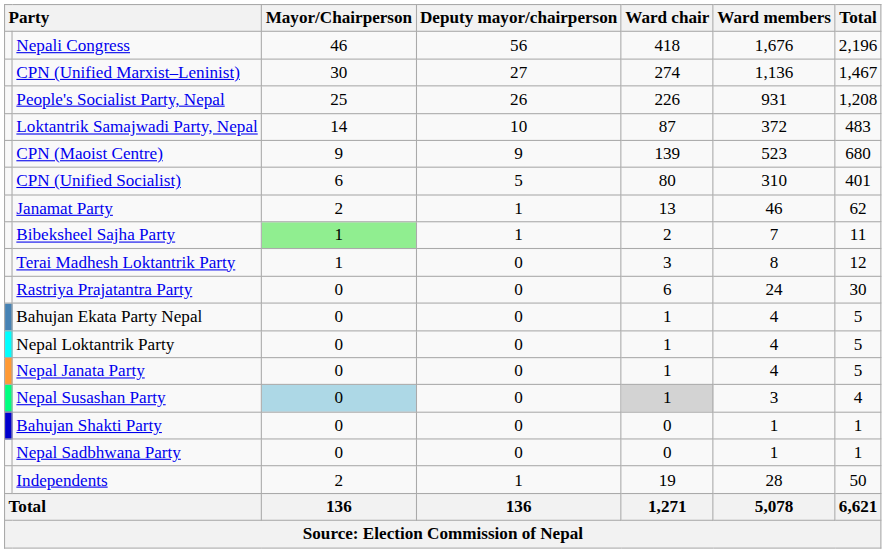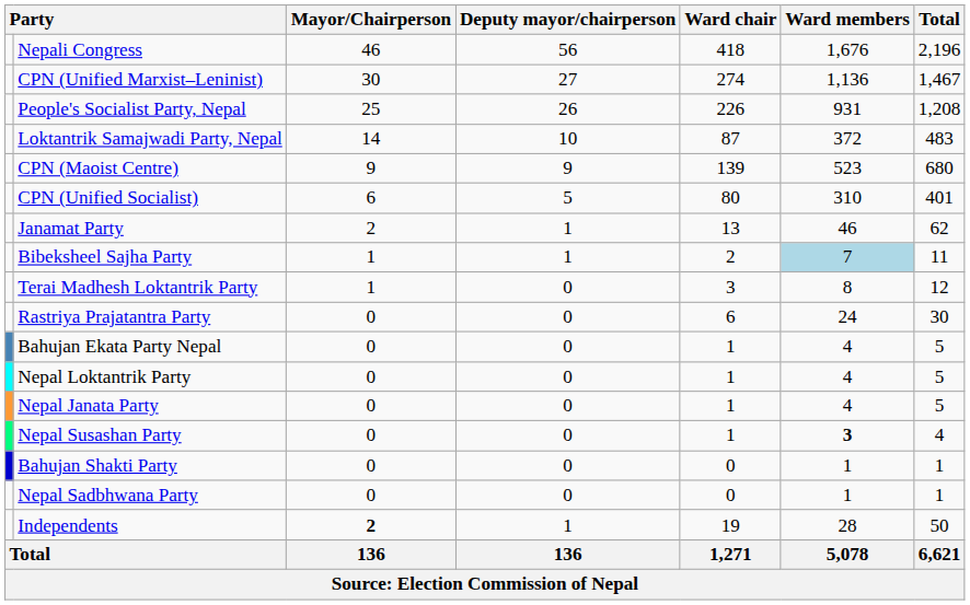 <table class="wikitable sortable" style="text-align:right">
 <tr>
 <th colspan="2" style="text-align:left;">Party</th>
 <th>Mayor/Chairperson</th>
 <th>Deputy mayor/chairperson</th>
 <th>Ward chair</th>
 <th>Ward members</th>
 <th>Total</th>
 </tr>
 <tr>
 <td style="background-color:"></td>
 <td style="text-align:left;"><a href='#'>Nepali Congress</a></td>
 <td style="text-align:center;">46</td>
 <td style="text-align:center;">56</td>
 <td style="text-align:center;">418</td>
 <td style="text-align:center;">1,676</td>
 <td style="text-align:center;">2,196</td>
 </tr>
 <tr>
 <td style="background-color:"></td>
 <td style="text-align:left;"><a href='#'>CPN (Unified Marxist–Leninist)</a></td>
 <td style="text-align:center;">30</td>
 <td style="text-align:center;">27</td>
 <td style="text-align:center;">274</td>
 <td style="text-align:center;">1,136</td>
 <td style="text-align:center;">1,467</td>
 </tr>
 <tr>
 <td></td>
 <td style="text-align:left;"><a href='#'>People's Socialist Party, Nepal</a></td>
 <td style="text-align:center;">25</td>
 <td style="text-align:center;">26</td>
 <td style="text-align:center;">226</td>
 <td style="text-align:center;">931</td>
 <td style="text-align:center;">1,208</td>
 </tr>
 <tr>
 <td></td>
 <td style="text-align:left;"><a href='#'>Loktantrik Samajwadi Party, Nepal</a></td>
 <td style="text-align:center;">14</td>
 <td style="text-align:center;">10</td>
 <td style="text-align:center;">87</td>
 <td style="text-align:center;">372</td>
 <td style="text-align:center;">483</td>
 </tr>
 <tr>
 <td style="background-color:"></td>
 <td style="text-align:left;"><a href='#'>CPN (Maoist Centre)</a></td>
 <td style="text-align:center;">9</td>
 <td style="text-align:center;">9</td>
 <td style="text-align:center;">139</td>
 <td style="text-align:center;">523</td>
 <td style="text-align:center;">680</td>
 </tr>
 <tr>
 <td style="background-color:"></td>
 <td style="text-align:left;"><a href='#'>CPN (Unified Socialist)</a></td>
 <td style="text-align:center;">6</td>
 <td style="text-align:center;">5</td>
 <td style="text-align:center;">80</td>
 <td style="text-align:center;">310</td>
 <td style="text-align:center;">401</td>
 </tr>
 <tr>
 <td></td>
 <td style="text-align:left;"><a href='#'>Janamat Party</a></td>
 <td style="text-align:center;">2</td>
 <td style="text-align:center;">1</td>
 <td style="text-align:center;">13</td>
 <td style="text-align:center;">46</td>
 <td style="text-align:center;">62</td>
 </tr>
 <tr>
 <td style="background-color:"></td>
 <td style="text-align:left;"><a href='#'>Bibeksheel Sajha Party</a></td>
-<td style="background: lightgreen; text-align:center;">1</td>
+<td style="text-align:center;">1</td>
 <td style="text-align:center;">1</td>
 <td style="text-align:center;">2</td>
-<td style="text-align:center;">7</td>
+<td style="background: lightblue; text-align:center;">7</td>
 <td style="text-align:center;">11</td>
 </tr>
 <tr>
 <td></td>
 <td style="text-align:left;"><a href='#'>Terai Madhesh Loktantrik Party</a></td>
 <td style="text-align:center;">1</td>
 <td style="text-align:center;">0</td>
 <td style="text-align:center;">3</td>
 <td style="text-align:center;">8</td>
 <td style="text-align:center;">12</td>
 </tr>
 <tr>
 <td style="background-color:"></td>
 <td style="text-align:left;"><a href='#'>Rastriya Prajatantra Party</a></td>
 <td style="text-align:center;">0</td>
 <td style="text-align:center;">0</td>
 <td style="text-align:center;">6</td>
 <td style="text-align:center;">24</td>
 <td style="text-align:center;">30</td>
 </tr>
 <tr>
 <td style="background-color:steelblue"></td>
 <td style="text-align:left;">Bahujan Ekata Party Nepal</td>
 <td style="text-align:center;">0</td>
 <td style="text-align:center;">0</td>
 <td style="text-align:center;">1</td>
 <td style="text-align:center;">4</td>
 <td style="text-align:center;">5</td>
 </tr>
 <tr>
 <td style="background-color:cyan"></td>
 <td style="text-align:left;">Nepal Loktantrik Party</td>
 <td style="text-align:center;">0</td>
 <td style="text-align:center;">0</td>
 <td style="text-align:center;">1</td>
 <td style="text-align:center;">4</td>
 <td style="text-align:center;">5</td>
 </tr>
 <tr>
 <td style="background-color:#ff9933"></td>
 <td style="text-align:left;"><a href='#'>Nepal Janata Party</a></td>
 <td style="text-align:center;">0</td>
 <td style="text-align:center;">0</td>
 <td style="text-align:center;">1</td>
 <td style="text-align:center;">4</td>
 <td style="text-align:center;">5</td>
 </tr>
 <tr>
 <td style="background-color:#00ff7f"></td>
 <td style="text-align:left;"><a href='#'>Nepal Susashan Party</a></td>
-<td style="background: lightblue; text-align:center;">0</td>
 <td style="text-align:center;">0</td>
-<td style="background: lightgrey; text-align:center;">1</td>
-<td style="text-align:center;">3</td>
+<td style="text-align:center;">0</td>
+<td style="text-align:center;">1</td>
+<td style="text-align:center;"><strong>3</strong></td>
 <td style="text-align:center;">4</td>
 </tr>
 <tr>
 <td style="background-color:mediumblue"></td>
 <td style="text-align:left;"><a href='#'>Bahujan Shakti Party</a></td>
 <td style="text-align:center;">0</td>
 <td style="text-align:center;">0</td>
 <td style="text-align:center;">0</td>
 <td style="text-align:center;">1</td>
 <td style="text-align:center;">1</td>
 </tr>
 <tr>
 <td style="background-color:"></td>
 <td style="text-align:left;"><a href='#'>Nepal Sadbhwana Party</a></td>
 <td style="text-align:center;">0</td>
 <td style="text-align:center;">0</td>
 <td style="text-align:center;">0</td>
 <td style="text-align:center;">1</td>
 <td style="text-align:center;">1</td>
 </tr>
 <tr>
 <td style="background-color:"></td>
 <td style="text-align:left;"><a href='#'>Independents</a></td>
-<td style="text-align:center;">2</td>
+<td style="text-align:center;"><strong>2</strong></td>
 <td style="text-align:center;">1</td>
 <td style="text-align:center;">19</td>
 <td style="text-align:center;">28</td>
 <td style="text-align:center;">50</td>
 </tr>
 <tr>
 <th colspan="2" style="text-align:left;">Total</th>
 <th>136</th>
 <th>136</th>
 <th>1,271</th>
 <th>5,078</th>
 <th>6,621</th>
 </tr>
 <tr>
 <th colspan="7">Source: Election Commission of Nepal</th>
 </tr>
 </table>
